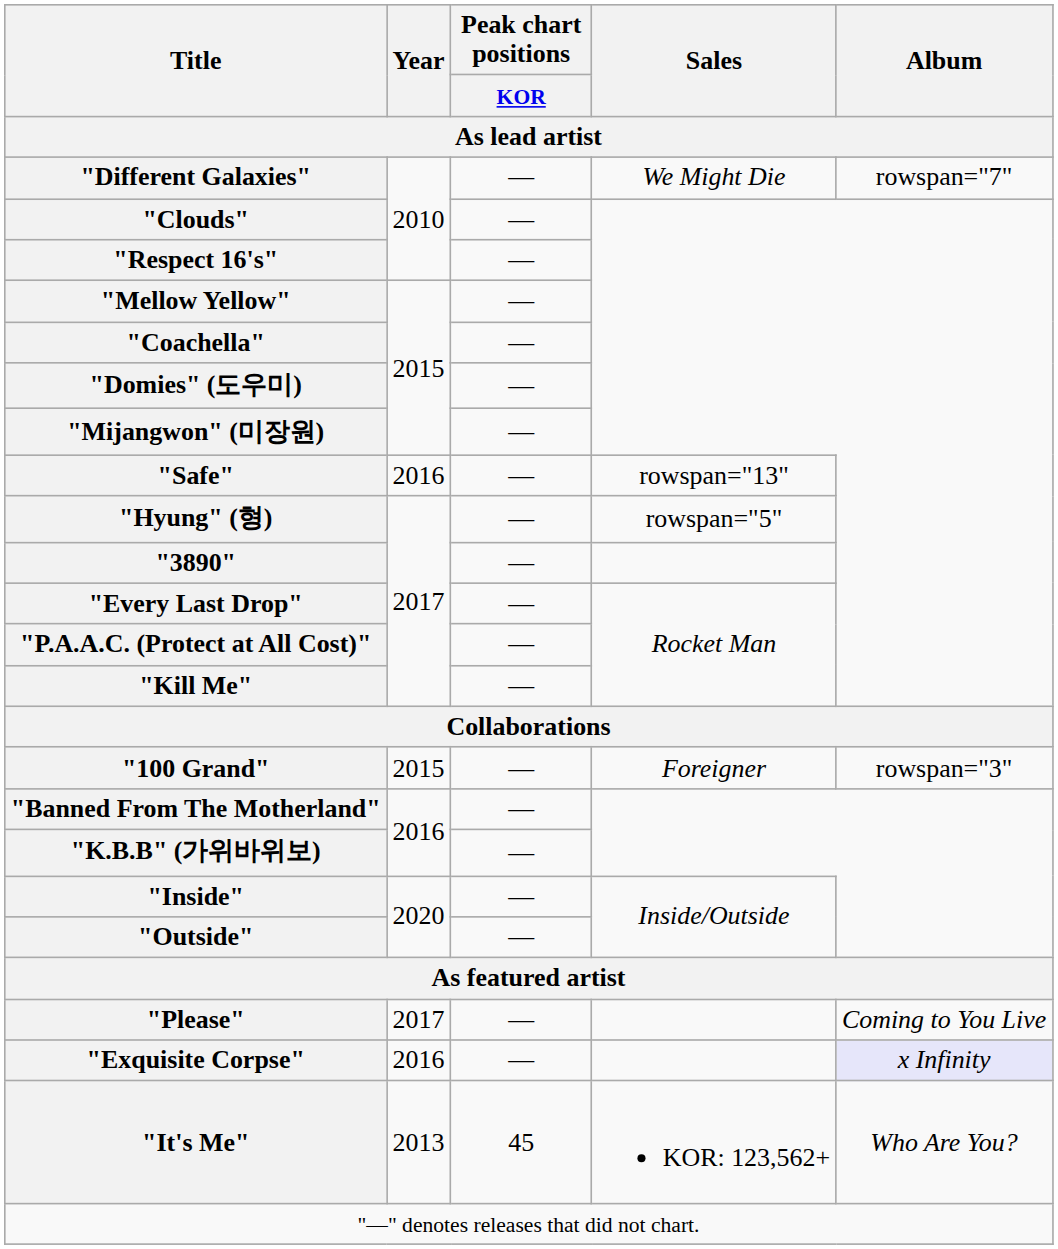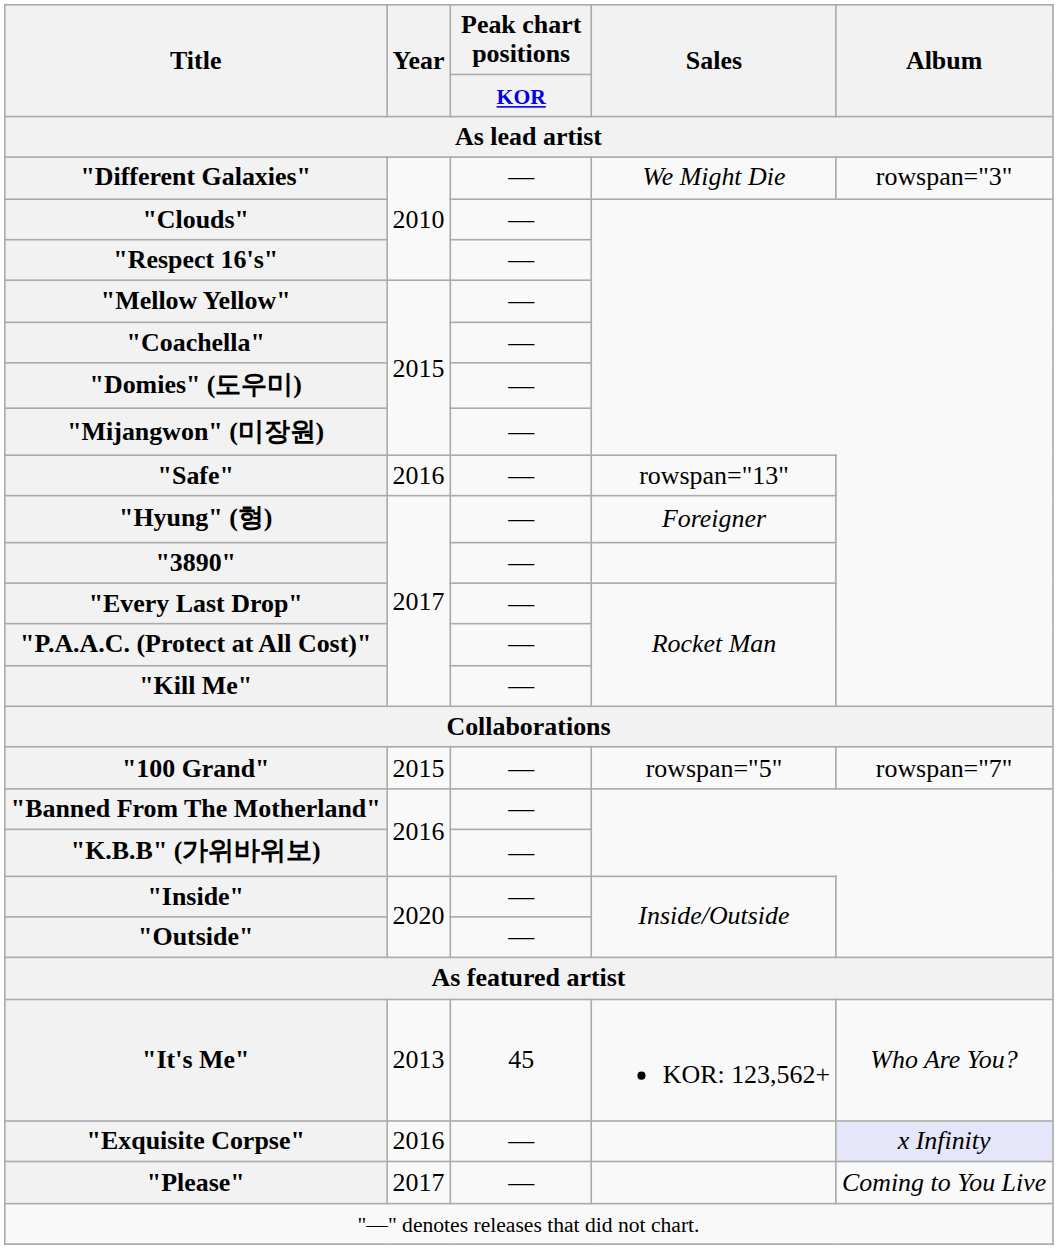 <table class="wikitable plainrowheaders" style="text-align:center;">
 <tr>
 <th scope="col" rowspan="2">Title</th>
 <th scope="col" rowspan="2">Year</th>
 <th scope="col" colspan="1" style="width:5em;">Peak chart positions</th>
 <th scope="col" rowspan="2">Sales</th>
 <th scope="col" rowspan="2">Album</th>
 </tr>
 <tr>
 <th><small><a href='#'>KOR</a></small><br></th>
 </tr>
 <tr>
 <th scope="col" colspan="5">As lead artist</th>
 </tr>
 <tr>
 <th scope="row">"Different Galaxies"<br></th>
 <td rowspan="3">2010</td>
 <td>—</td>
 <td><em>We Might Die</em></td>
-<td>rowspan="7" </td>
+<td>rowspan="3" </td>
 </tr>
 <tr>
 <th scope="row">"Clouds"<br></th>
 <td>—</td>
 </tr>
 <tr>
 <th scope="row">"Respect 16's"<br></th>
 <td>—</td>
 </tr>
 <tr>
 <th scope="row">"Mellow Yellow"</th>
 <td rowspan="4">2015</td>
 <td>—</td>
 </tr>
 <tr>
 <th scope="row">"Coachella"</th>
 <td>—</td>
 </tr>
 <tr>
 <th scope="row">"Domies" (도우미)<br></th>
 <td>—</td>
 </tr>
 <tr>
 <th scope="row">"Mijangwon" (미장원)<br></th>
 <td>—</td>
 </tr>
 <tr>
 <th scope="row">"Safe"</th>
 <td>2016</td>
 <td>—</td>
 <td>rowspan="13" </td>
 </tr>
 <tr>
 <th scope="row">"Hyung" (형)<br></th>
 <td rowspan="5">2017</td>
 <td>—</td>
-<td>rowspan="5" </td>
+<td><em>Foreigner</em></td>
 </tr>
 <tr>
 <th scope="row">"3890"</th>
 <td>—</td>
 <td></td>
 </tr>
 <tr>
 <th scope="row">"Every Last Drop"</th>
 <td>—</td>
 <td rowspan="3"><em>Rocket Man</em></td>
 </tr>
 <tr>
 <th scope="row">"P.A.A.C. (Protect at All Cost)"</th>
 <td>—</td>
 </tr>
 <tr>
 <th scope="row">"Kill Me"</th>
 <td>—</td>
 </tr>
 <tr>
 <th scope="col" colspan="5">Collaborations</th>
 </tr>
 <tr>
 <th scope="row">"100 Grand"<br></th>
 <td>2015</td>
 <td>—</td>
-<td><em>Foreigner</em></td>
-<td>rowspan="3" </td>
+<td>rowspan="5" </td>
+<td>rowspan="7" </td>
 </tr>
 <tr>
 <th scope="row">"Banned From The Motherland"<br></th>
 <td rowspan="2">2016</td>
 <td>—</td>
 </tr>
 <tr>
 <th scope="row">"K.B.B" (가위바위보)<br></th>
 <td>—</td>
 </tr>
 <tr>
 <th scope="row">"Inside"<br></th>
 <td rowspan="2">2020</td>
 <td>—</td>
 <td rowspan="2"><em>Inside/Outside</em></td>
 </tr>
 <tr>
 <th scope="row">"Outside"<br></th>
 <td>—</td>
 </tr>
 <tr>
 <th scope="col" colspan="5">As featured artist</th>
 </tr>
 <tr>
-<th scope="row">"Please"<br></th>
-<td>2017</td>
-<td>—</td>
-<td></td>
-<td><em>Coming to You Live</em></td>
+<th scope="row">"It's Me"<br></th>
+<td>2013</td>
+<td>45</td>
+<td><br><ul><li>KOR: 123,562+</li></ul></td>
+<td><em>Who Are You?</em></td>
 </tr>
 <tr>
 <th scope="row">"Exquisite Corpse"<br></th>
 <td>2016</td>
 <td>—</td>
 <td></td>
 <td style="background: lavender;"><em>x Infinity</em></td>
 </tr>
 <tr>
-<th scope="row">"It's Me"<br></th>
-<td>2013</td>
-<td>45</td>
-<td><br><ul><li>KOR: 123,562+</li></ul></td>
-<td><em>Who Are You?</em></td>
+<th scope="row">"Please"<br></th>
+<td>2017</td>
+<td>—</td>
+<td></td>
+<td><em>Coming to You Live</em></td>
 </tr>
 <tr>
 <td colspan="5" align="center"><small>"—" denotes releases that did not chart.</small></td>
 </tr>
 </table>
